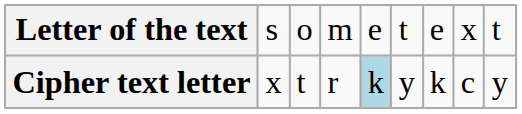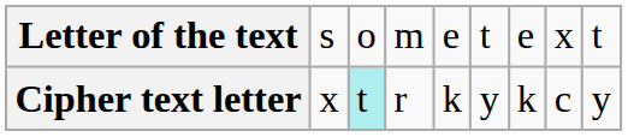 <table class="wikitable">
 <tr>
 <th>Letter of the text</th>
 <td>s</td>
 <td>o</td>
 <td>m</td>
 <td>e</td>
 <td>t</td>
 <td>e</td>
 <td>x</td>
 <td>t</td>
 </tr>
 <tr>
 <th>Cipher text letter</th>
 <td>x</td>
-<td>t</td>
+<td style="background: paleturquoise;">t</td>
 <td>r</td>
-<td style="background: lightblue;">k</td>
+<td>k</td>
 <td>y</td>
 <td>k</td>
 <td>c</td>
 <td>y</td>
 </tr>
 </table>
